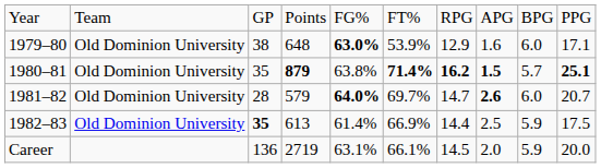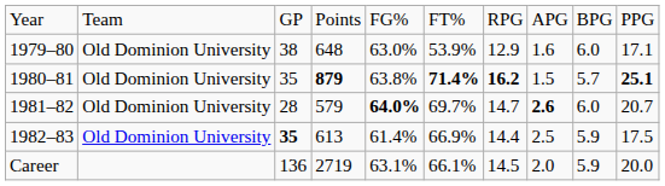 <table class="wikitable">
 <tr>
 <td>Year</td>
 <td>Team</td>
 <td>GP</td>
 <td>Points</td>
 <td>FG%</td>
 <td>FT%</td>
 <td>RPG</td>
 <td>APG</td>
 <td>BPG</td>
 <td>PPG</td>
 </tr>
 <tr>
 <td>1979–80</td>
 <td>Old Dominion University</td>
 <td>38</td>
 <td>648</td>
-<td><strong>63.0%</strong></td>
+<td>63.0%</td>
 <td>53.9%</td>
 <td>12.9</td>
 <td>1.6</td>
 <td>6.0</td>
 <td>17.1</td>
 </tr>
 <tr>
 <td>1980–81</td>
 <td>Old Dominion University</td>
 <td>35</td>
 <td><strong>879</strong></td>
 <td>63.8%</td>
 <td><strong>71.4%</strong></td>
 <td><strong>16.2</strong></td>
-<td><strong>1.5</strong></td>
+<td>1.5</td>
 <td>5.7</td>
 <td><strong>25.1</strong></td>
 </tr>
 <tr>
 <td>1981–82</td>
 <td>Old Dominion University</td>
 <td>28</td>
 <td>579</td>
 <td><strong>64.0%</strong></td>
 <td>69.7%</td>
 <td>14.7</td>
 <td><strong>2.6</strong></td>
 <td>6.0</td>
 <td>20.7</td>
 </tr>
 <tr>
 <td>1982–83</td>
 <td><a href='#'>Old Dominion University</a></td>
 <td><strong>35</strong></td>
 <td>613</td>
 <td>61.4%</td>
 <td>66.9%</td>
 <td>14.4</td>
 <td>2.5</td>
 <td>5.9</td>
 <td>17.5</td>
 </tr>
 <tr>
 <td>Career</td>
 <td></td>
 <td>136</td>
 <td>2719</td>
 <td>63.1%</td>
 <td>66.1%</td>
 <td>14.5</td>
 <td>2.0</td>
 <td>5.9</td>
 <td>20.0</td>
 </tr>
 </table>
